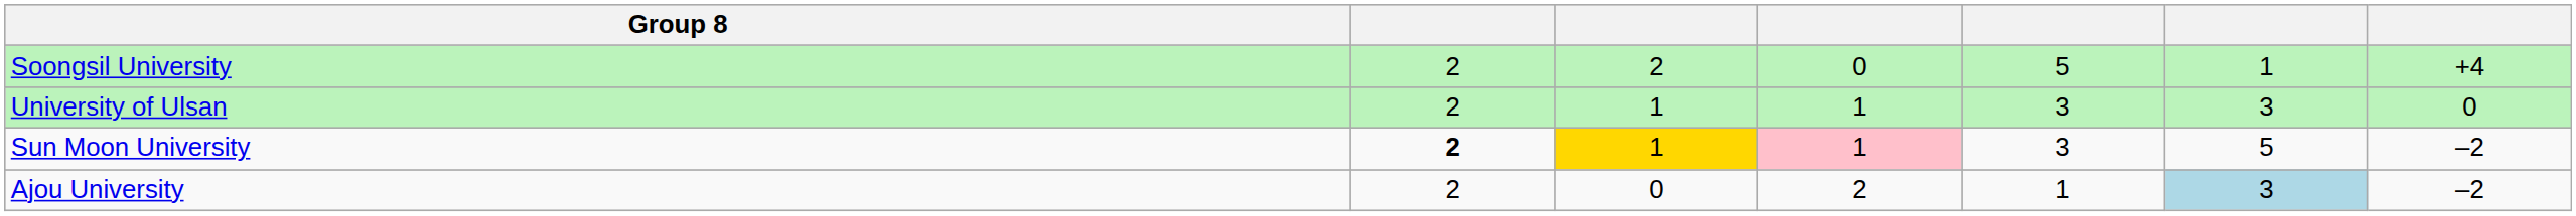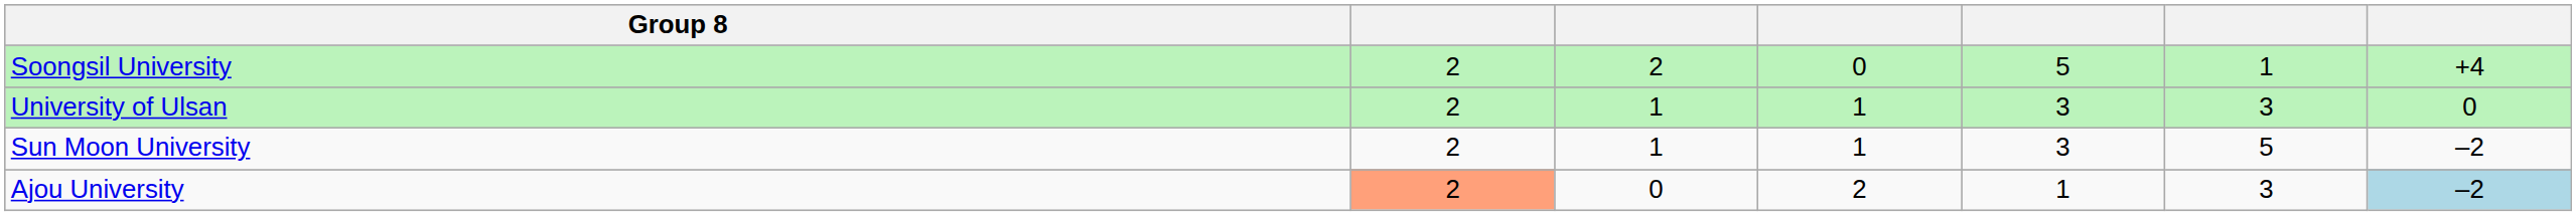 <table class="wikitable" style="text-align:center; width:100%;">
 <tr>
 <th width=240>Group 8</th>
 <th width=30></th>
 <th width=30></th>
 <th width=30></th>
 <th width=30></th>
 <th width=30></th>
 <th width=30></th>
 </tr>
 <tr bgcolor=#BBF3BB>
 <td align=left><a href='#'>Soongsil University</a></td>
 <td>2</td>
 <td>2</td>
 <td>0</td>
 <td>5</td>
 <td>1</td>
 <td>+4</td>
 </tr>
 <tr bgcolor=#BBF3BB>
 <td align=left><a href='#'>University of Ulsan</a></td>
 <td>2</td>
 <td>1</td>
 <td>1</td>
 <td>3</td>
 <td>3</td>
 <td>0</td>
 </tr>
 <tr>
 <td align=left><a href='#'>Sun Moon University</a></td>
-<td><strong>2</strong></td>
-<td style="background: gold;">1</td>
-<td style="background: pink;">1</td>
+<td>2</td>
+<td>1</td>
+<td>1</td>
 <td>3</td>
 <td>5</td>
 <td>–2</td>
 </tr>
 <tr>
 <td align=left><a href='#'>Ajou University</a></td>
-<td>2</td>
+<td style="background: lightsalmon;">2</td>
 <td>0</td>
 <td>2</td>
 <td>1</td>
-<td style="background: lightblue;">3</td>
-<td>–2</td>
+<td>3</td>
+<td style="background: lightblue;">–2</td>
 </tr>
 </table>
